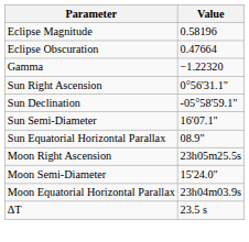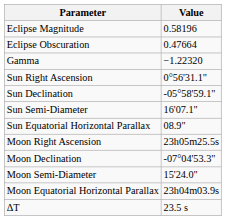 <table class="wikitable">
 <tr>
 <th>Parameter</th>
 <th>Value</th>
 </tr>
 <tr>
 <td>Eclipse Magnitude</td>
 <td>0.58196</td>
 </tr>
 <tr>
 <td>Eclipse Obscuration</td>
 <td>0.47664</td>
 </tr>
 <tr>
 <td>Gamma</td>
 <td>−1.22320</td>
 </tr>
 <tr>
 <td>Sun Right Ascension</td>
 <td>0°56'31.1"</td>
 </tr>
 <tr>
 <td>Sun Declination</td>
 <td>-05°58'59.1"</td>
 </tr>
 <tr>
 <td>Sun Semi-Diameter</td>
 <td>16'07.1"</td>
 </tr>
 <tr>
 <td>Sun Equatorial Horizontal Parallax</td>
 <td>08.9"</td>
 </tr>
 <tr>
 <td>Moon Right Ascension</td>
 <td>23h05m25.5s</td>
 </tr>
 <tr>
+<td>Moon Declination</td>
+<td>-07°04'53.3"</td>
+</tr>
+<tr>
 <td>Moon Semi-Diameter</td>
 <td>15'24.0"</td>
 </tr>
 <tr>
 <td>Moon Equatorial Horizontal Parallax</td>
 <td>23h04m03.9s</td>
 </tr>
 <tr>
 <td>ΔT</td>
 <td>23.5 s</td>
 </tr>
 </table>
